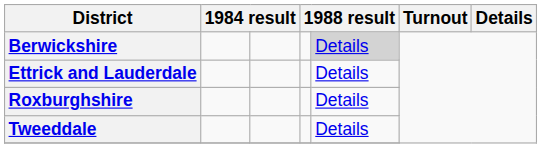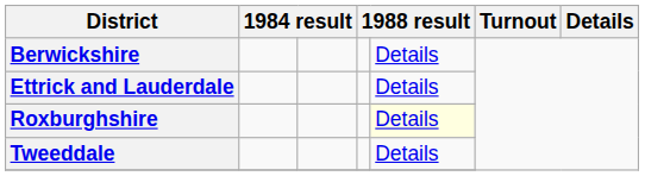 <table class="wikitable">
 <tr>
 <th scope="col">District</th>
 <th scope="col" colspan="2">1984 result</th>
 <th scope="col" colspan="2">1988 result</th>
 <th scope="col">Turnout</th>
 <th scope="col">Details</th>
 </tr>
 <tr>
 <th scope="row" style="text-align: left;"><a href='#'>Berwickshire</a></th>
 <td></td>
 <td></td>
 <td></td>
-<td style="background: lightgrey;"><a href='#'>Details</a></td>
+<td><a href='#'>Details</a></td>
 </tr>
 <tr>
 <th scope="row" style="text-align: left;"><a href='#'>Ettrick and Lauderdale</a></th>
 <td></td>
 <td></td>
 <td></td>
 <td><a href='#'>Details</a></td>
 </tr>
 <tr>
 <th scope="row" style="text-align: left;"><a href='#'>Roxburghshire</a></th>
 <td></td>
 <td></td>
 <td></td>
-<td><a href='#'>Details</a></td>
+<td style="background: lightyellow;"><a href='#'>Details</a></td>
 </tr>
 <tr>
 <th scope="row" style="text-align: left;"><a href='#'>Tweeddale</a></th>
 <td></td>
 <td></td>
 <td></td>
 <td><a href='#'>Details</a></td>
 </tr>
 <tr>
 </tr>
 </table>
